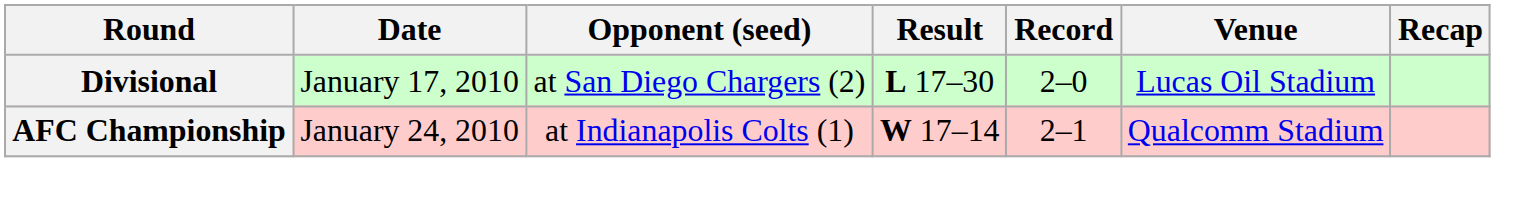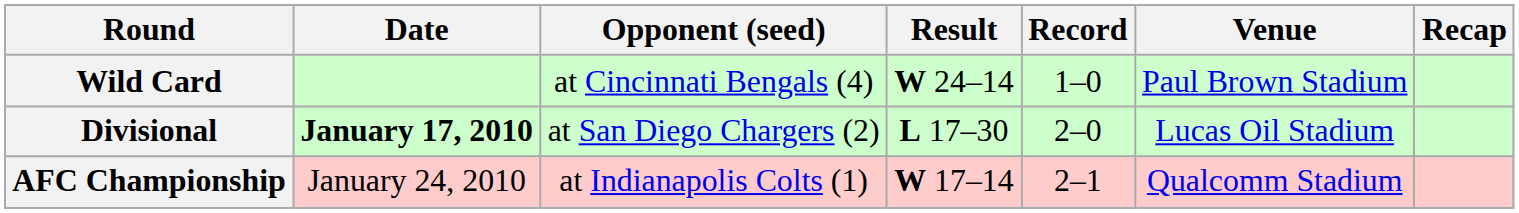 <table class="wikitable" style="text-align:center">
 <tr>
 <th>Round</th>
 <th>Date</th>
 <th>Opponent (seed)</th>
 <th>Result</th>
 <th>Record</th>
 <th>Venue</th>
 <th>Recap</th>
 </tr>
 <tr style="background:#cfc">
+<th>Wild Card</th>
+<td></td>
+<td>at <a href='#'>Cincinnati Bengals</a> (4)</td>
+<td><strong>W</strong> 24–14</td>
+<td>1–0</td>
+<td><a href='#'>Paul Brown Stadium</a></td>
+<td></td>
+</tr>
+<tr style="background:#cfc">
 <th>Divisional</th>
-<td>January 17, 2010</td>
+<td><strong>January 17, 2010</strong></td>
 <td>at <a href='#'>San Diego Chargers</a> (2)</td>
 <td><strong>L</strong> 17–30</td>
 <td>2–0</td>
 <td><a href='#'>Lucas Oil Stadium</a></td>
 <td></td>
 </tr>
 <tr style="background:#fcc">
 <th>AFC Championship</th>
 <td>January 24, 2010</td>
 <td>at <a href='#'>Indianapolis Colts</a> (1)</td>
 <td><strong>W</strong> 17–14</td>
 <td>2–1</td>
 <td><a href='#'>Qualcomm Stadium</a></td>
 <td></td>
 </tr>
 </table>
